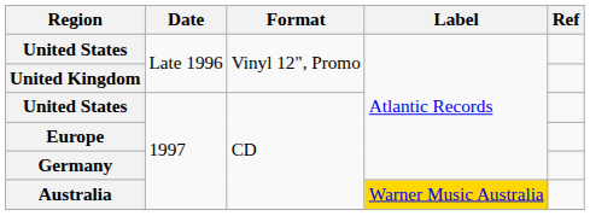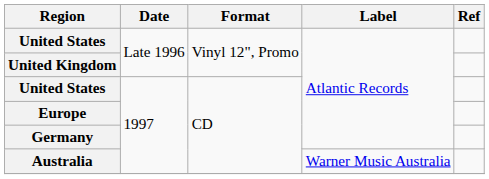 <table class="wikitable plainrowheaders">
 <tr>
 <th scope="col">Region</th>
 <th scope="col">Date</th>
 <th scope="col">Format</th>
 <th scope="col">Label</th>
 <th scope="col">Ref</th>
 </tr>
 <tr>
 <th scope="row">United States</th>
 <td rowspan="2">Late 1996</td>
 <td rowspan="2">Vinyl 12", Promo</td>
 <td rowspan="5"><a href='#'>Atlantic Records</a></td>
 <td style="text-align:center;"></td>
 </tr>
 <tr>
 <th scope="row">United Kingdom</th>
 <td style="text-align:center;"></td>
 </tr>
 <tr>
 <th scope="row">United States</th>
 <td rowspan="4">1997</td>
 <td rowspan="4">CD</td>
 <td style="text-align:center;"></td>
 </tr>
 <tr>
 <th scope="row">Europe</th>
 <td style="text-align:center;"></td>
 </tr>
 <tr>
 <th scope="row">Germany</th>
 <td style="text-align:center;"></td>
 </tr>
 <tr>
 <th scope="row">Australia</th>
-<td rowapan"1" style="background: gold;"><a href='#'>Warner Music Australia</a></td>
+<td rowapan"1"><a href='#'>Warner Music Australia</a></td>
 <td style="text-align:center;"></td>
 </tr>
 <tr>
 </tr>
 </table>
